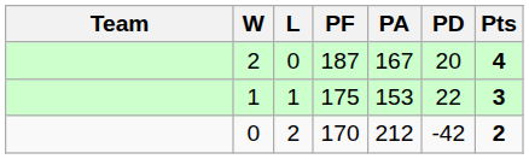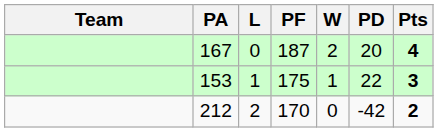 <table class="wikitable" style="text-align:center;">
 <tr>
 <th width=150>Team</th>
-<th width=20>W</th>
+<th width=30>PA</th>
 <th width=20>L</th>
 <th width=30>PF</th>
-<th width=30>PA</th>
+<th width=20>W</th>
 <th width=30>PD</th>
 <th width=20>Pts</th>
 </tr>
 <tr bgcolor="#ccffcc">
 <td align="left"></td>
-<td>2</td>
+<td>167</td>
 <td>0</td>
 <td>187</td>
-<td>167</td>
+<td>2</td>
 <td>20</td>
 <td><strong>4</strong></td>
 </tr>
 <tr bgcolor="#ccffcc">
 <td align="left"></td>
-<td>1</td>
+<td>153</td>
 <td>1</td>
 <td>175</td>
-<td>153</td>
+<td>1</td>
 <td>22</td>
 <td><strong>3</strong></td>
 </tr>
 <tr>
 <td align="left"></td>
-<td>0</td>
+<td>212</td>
 <td>2</td>
 <td>170</td>
-<td>212</td>
+<td>0</td>
 <td>-42</td>
 <td><strong>2</strong></td>
 </tr>
 </table>
